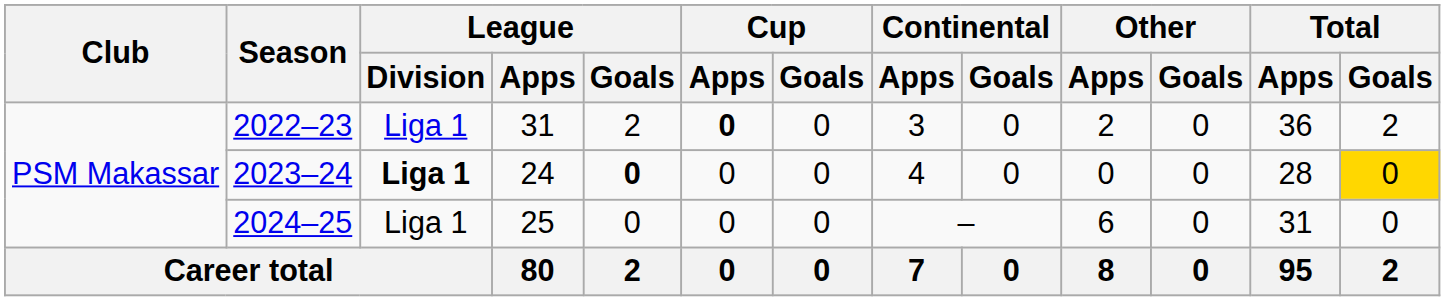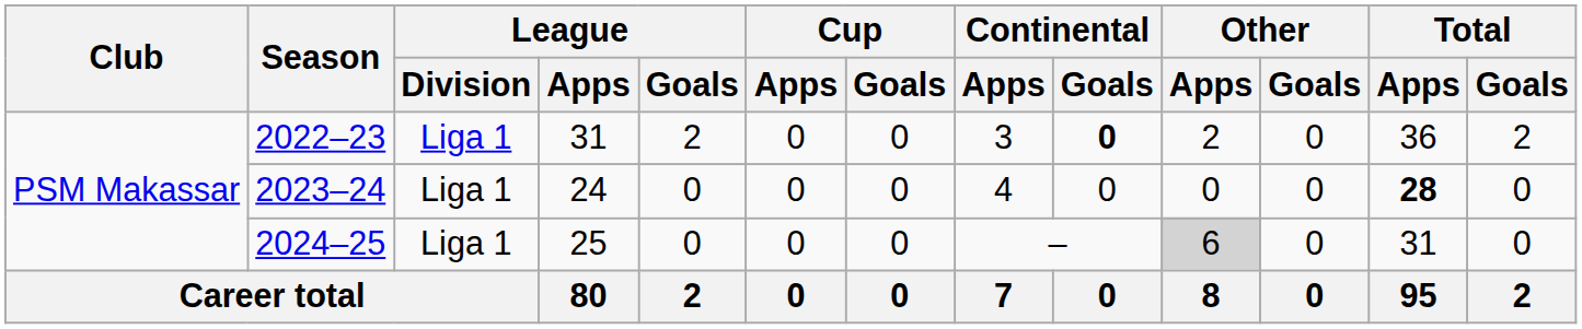 <table class="wikitable" style="text-align: center">
 <tr>
 <th rowspan="2">Club</th>
 <th rowspan="2">Season</th>
 <th colspan="3">League</th>
 <th colspan="2">Cup</th>
 <th colspan="2">Continental</th>
 <th colspan="2">Other</th>
 <th colspan="2">Total</th>
 </tr>
 <tr>
 <th>Division</th>
 <th>Apps</th>
 <th>Goals</th>
 <th>Apps</th>
 <th>Goals</th>
 <th>Apps</th>
 <th>Goals</th>
 <th>Apps</th>
 <th>Goals</th>
 <th>Apps</th>
 <th>Goals</th>
 </tr>
 <tr>
 <td rowspan="3"><a href='#'>PSM Makassar</a></td>
 <td><a href='#'>2022–23</a></td>
 <td rowspan="1" valign="center"><a href='#'>Liga 1</a></td>
 <td>31</td>
 <td>2</td>
-<td><strong>0</strong></td>
+<td>0</td>
 <td>0</td>
 <td>3</td>
-<td>0</td>
+<td><strong>0</strong></td>
 <td>2</td>
 <td>0</td>
 <td>36</td>
 <td>2</td>
 </tr>
 <tr>
 <td><a href='#'>2023–24</a></td>
-<td rowspan="1" valign="center"><strong>Liga 1</strong></td>
+<td rowspan="1" valign="center">Liga 1</td>
 <td>24</td>
-<td><strong>0</strong></td>
+<td>0</td>
 <td>0</td>
 <td>0</td>
 <td>4</td>
 <td>0</td>
 <td>0</td>
 <td>0</td>
-<td>28</td>
-<td style="background: gold;">0</td>
+<td><strong>28</strong></td>
+<td>0</td>
 </tr>
 <tr>
 <td><a href='#'>2024–25</a></td>
 <td>Liga 1</td>
 <td>25</td>
 <td>0</td>
 <td>0</td>
 <td>0</td>
 <td colspan="2">–</td>
-<td>6</td>
+<td style="background: lightgrey;">6</td>
 <td>0</td>
 <td>31</td>
 <td>0</td>
 </tr>
 <tr>
 <th colspan=3>Career total</th>
 <th>80</th>
 <th>2</th>
 <th>0</th>
 <th>0</th>
 <th>7</th>
 <th>0</th>
 <th>8</th>
 <th>0</th>
 <th>95</th>
 <th>2</th>
 </tr>
 </table>
